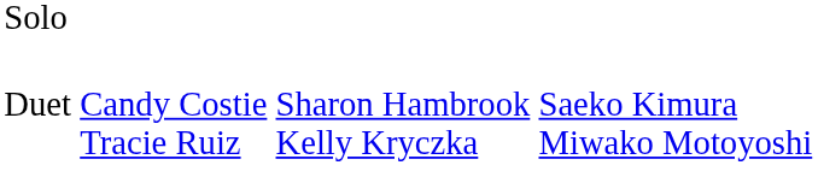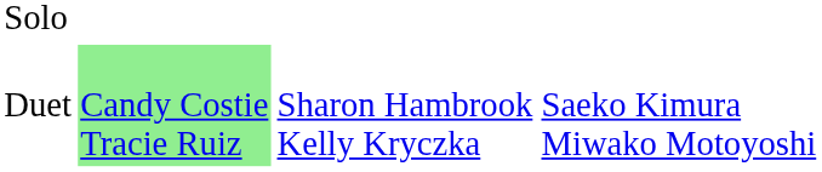 <table>
 <tr>
 <td>Solo<br></td>
 <td></td>
 <td></td>
 <td></td>
 </tr>
 <tr>
 <td>Duet<br></td>
-<td><br><a href='#'>Candy Costie</a><br><a href='#'>Tracie Ruiz</a></td>
+<td style="background: lightgreen;"><br><a href='#'>Candy Costie</a><br><a href='#'>Tracie Ruiz</a></td>
 <td><br><a href='#'>Sharon Hambrook</a><br><a href='#'>Kelly Kryczka</a></td>
 <td><br><a href='#'>Saeko Kimura</a><br><a href='#'>Miwako Motoyoshi</a></td>
 </tr>
 </table>
